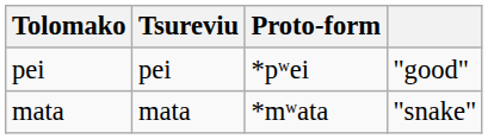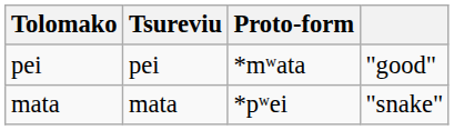 <table class="wikitable">
 <tr>
 <th>Tolomako</th>
 <th>Tsureviu</th>
 <th>Proto-form</th>
 <th></th>
 </tr>
 <tr>
 <td>pei</td>
 <td>pei</td>
-<td>*pʷei</td>
+<td>*mʷata</td>
 <td>"good"</td>
 </tr>
 <tr>
 <td>mata</td>
 <td>mata</td>
-<td>*mʷata</td>
+<td>*pʷei</td>
 <td>"snake"</td>
 </tr>
 </table>
